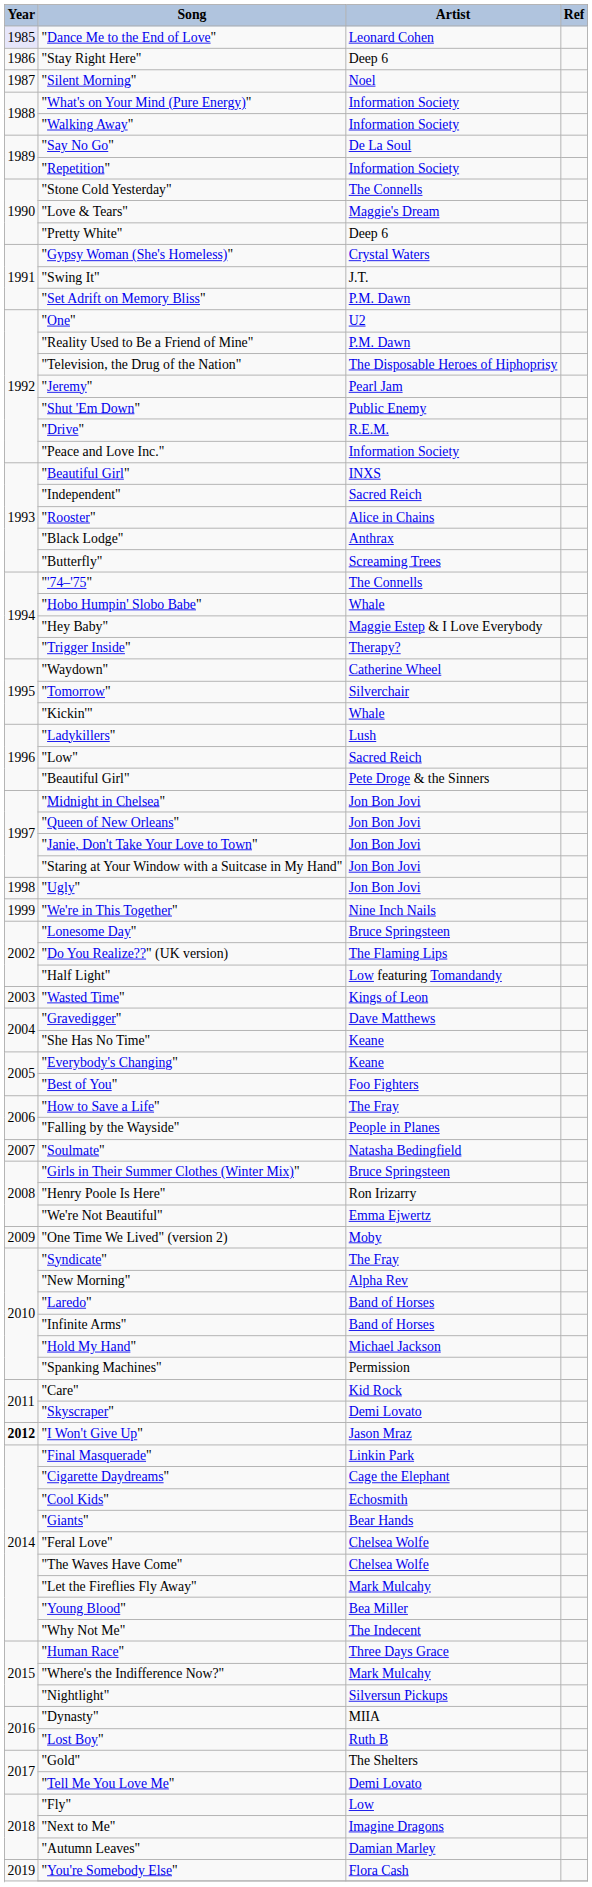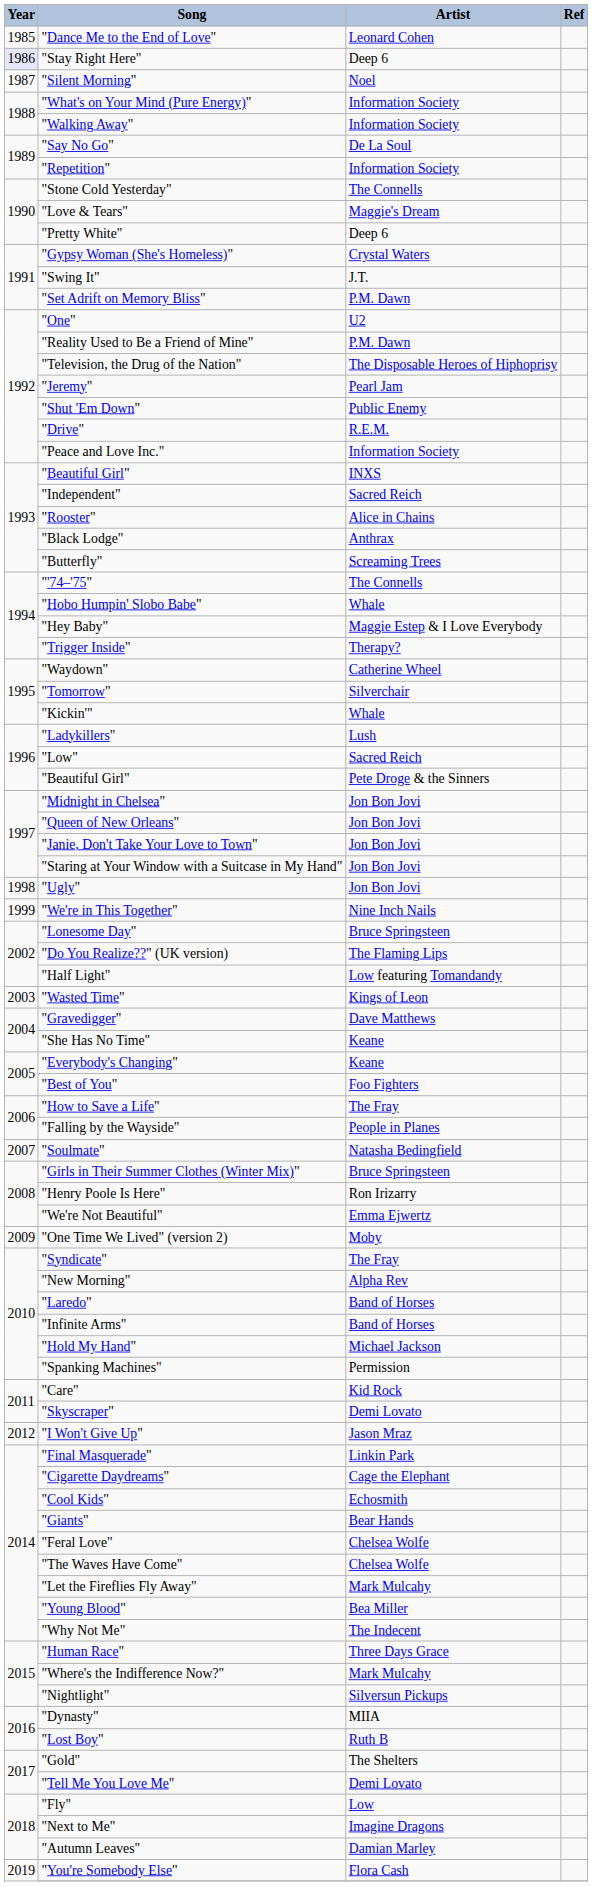 <table class="wikitable">
 <tr>
 <th style="background:#B0C4DE;">Year</th>
 <th style="background:#B0C4DE;">Song</th>
 <th style="background:#B0C4DE;">Artist</th>
 <th style="background:#B0C4DE;">Ref</th>
 </tr>
 <tr>
-<td style="background: lavender;">1985</td>
+<td>1985</td>
 <td>"<a href='#'>Dance Me to the End of Love</a>"</td>
 <td><a href='#'>Leonard Cohen</a></td>
 <td></td>
 </tr>
 <tr>
-<td>1986</td>
+<td style="background: lavender;">1986</td>
 <td>"Stay Right Here"</td>
 <td>Deep 6</td>
 <td></td>
 </tr>
 <tr>
 <td>1987</td>
 <td>"<a href='#'>Silent Morning</a>"</td>
 <td><a href='#'>Noel</a></td>
 <td></td>
 </tr>
 <tr>
 <td rowspan="2">1988</td>
 <td>"<a href='#'>What's on Your Mind (Pure Energy)</a>"</td>
 <td><a href='#'>Information Society</a></td>
 <td></td>
 </tr>
 <tr>
 <td>"<a href='#'>Walking Away</a>"</td>
 <td><a href='#'>Information Society</a></td>
 <td></td>
 </tr>
 <tr>
 <td rowspan="2">1989</td>
 <td>"<a href='#'>Say No Go</a>"</td>
 <td><a href='#'>De La Soul</a></td>
 <td></td>
 </tr>
 <tr>
 <td>"<a href='#'>Repetition</a>"</td>
 <td><a href='#'>Information Society</a></td>
 <td></td>
 </tr>
 <tr>
 <td rowspan="3">1990</td>
 <td>"Stone Cold Yesterday"</td>
 <td><a href='#'>The Connells</a></td>
 <td></td>
 </tr>
 <tr>
 <td>"Love & Tears"</td>
 <td><a href='#'>Maggie's Dream</a></td>
 <td></td>
 </tr>
 <tr>
 <td>"Pretty White"</td>
 <td>Deep 6</td>
 <td></td>
 </tr>
 <tr>
 <td rowspan="3">1991</td>
 <td>"<a href='#'>Gypsy Woman (She's Homeless)</a>"</td>
 <td><a href='#'>Crystal Waters</a></td>
 <td></td>
 </tr>
 <tr>
 <td>"Swing It"</td>
 <td>J.T.</td>
 <td></td>
 </tr>
 <tr>
 <td>"<a href='#'>Set Adrift on Memory Bliss</a>"</td>
 <td><a href='#'>P.M. Dawn</a></td>
 <td></td>
 </tr>
 <tr>
 <td rowspan="7">1992</td>
 <td>"<a href='#'>One</a>"</td>
 <td><a href='#'>U2</a></td>
 <td></td>
 </tr>
 <tr>
 <td>"Reality Used to Be a Friend of Mine"</td>
 <td><a href='#'>P.M. Dawn</a></td>
 <td></td>
 </tr>
 <tr>
 <td>"Television, the Drug of the Nation"</td>
 <td><a href='#'>The Disposable Heroes of Hiphoprisy</a></td>
 <td></td>
 </tr>
 <tr>
 <td>"<a href='#'>Jeremy</a>"</td>
 <td><a href='#'>Pearl Jam</a></td>
 <td></td>
 </tr>
 <tr>
 <td>"<a href='#'>Shut 'Em Down</a>"</td>
 <td><a href='#'>Public Enemy</a></td>
 <td></td>
 </tr>
 <tr>
 <td>"<a href='#'>Drive</a>"</td>
 <td><a href='#'>R.E.M.</a></td>
 <td></td>
 </tr>
 <tr>
 <td>"Peace and Love Inc."</td>
 <td><a href='#'>Information Society</a></td>
 <td></td>
 </tr>
 <tr>
 <td rowspan="5">1993</td>
 <td>"<a href='#'>Beautiful Girl</a>"</td>
 <td><a href='#'>INXS</a></td>
 <td></td>
 </tr>
 <tr>
 <td>"Independent"</td>
 <td><a href='#'>Sacred Reich</a></td>
 <td></td>
 </tr>
 <tr>
 <td>"<a href='#'>Rooster</a>"</td>
 <td><a href='#'>Alice in Chains</a></td>
 <td></td>
 </tr>
 <tr>
 <td>"Black Lodge"</td>
 <td><a href='#'>Anthrax</a></td>
 <td></td>
 </tr>
 <tr>
 <td>"Butterfly"</td>
 <td><a href='#'>Screaming Trees</a></td>
 <td></td>
 </tr>
 <tr>
 <td rowspan="4">1994</td>
 <td>"<a href='#'>'74–'75</a>"</td>
 <td><a href='#'>The Connells</a></td>
 <td></td>
 </tr>
 <tr>
 <td>"<a href='#'>Hobo Humpin' Slobo Babe</a>"</td>
 <td><a href='#'>Whale</a></td>
 <td></td>
 </tr>
 <tr>
 <td>"Hey Baby"</td>
 <td><a href='#'>Maggie Estep</a> & I Love Everybody</td>
 <td></td>
 </tr>
 <tr>
 <td>"<a href='#'>Trigger Inside</a>"</td>
 <td><a href='#'>Therapy?</a></td>
 <td></td>
 </tr>
 <tr>
 <td rowspan="3">1995</td>
 <td>"Waydown"</td>
 <td><a href='#'>Catherine Wheel</a></td>
 <td></td>
 </tr>
 <tr>
 <td>"<a href='#'>Tomorrow</a>"</td>
 <td><a href='#'>Silverchair</a></td>
 <td></td>
 </tr>
 <tr>
 <td>"Kickin'"</td>
 <td><a href='#'>Whale</a></td>
 <td></td>
 </tr>
 <tr>
 <td rowspan="3">1996</td>
 <td>"<a href='#'>Ladykillers</a>"</td>
 <td><a href='#'>Lush</a></td>
 <td></td>
 </tr>
 <tr>
 <td>"Low"</td>
 <td><a href='#'>Sacred Reich</a></td>
 <td></td>
 </tr>
 <tr>
 <td>"Beautiful Girl"</td>
 <td><a href='#'>Pete Droge</a> & the Sinners</td>
 <td></td>
 </tr>
 <tr>
 <td rowspan="4">1997</td>
 <td>"<a href='#'>Midnight in Chelsea</a>"</td>
 <td><a href='#'>Jon Bon Jovi</a></td>
 <td></td>
 </tr>
 <tr>
 <td>"<a href='#'>Queen of New Orleans</a>"</td>
 <td><a href='#'>Jon Bon Jovi</a></td>
 <td></td>
 </tr>
 <tr>
 <td>"<a href='#'>Janie, Don't Take Your Love to Town</a>"</td>
 <td><a href='#'>Jon Bon Jovi</a></td>
 <td></td>
 </tr>
 <tr>
 <td>"Staring at Your Window with a Suitcase in My Hand"</td>
 <td><a href='#'>Jon Bon Jovi</a></td>
 <td></td>
 </tr>
 <tr>
 <td rowspan="1">1998</td>
 <td>"<a href='#'>Ugly</a>"</td>
 <td><a href='#'>Jon Bon Jovi</a></td>
 <td></td>
 </tr>
 <tr>
 <td rowspan="1">1999</td>
 <td>"<a href='#'>We're in This Together</a>"</td>
 <td><a href='#'>Nine Inch Nails</a></td>
 <td></td>
 </tr>
 <tr>
 <td rowspan="3">2002</td>
 <td>"<a href='#'>Lonesome Day</a>"</td>
 <td><a href='#'>Bruce Springsteen</a></td>
 <td></td>
 </tr>
 <tr>
 <td>"<a href='#'>Do You Realize??</a>" (UK version)</td>
 <td><a href='#'>The Flaming Lips</a></td>
 <td></td>
 </tr>
 <tr>
 <td>"Half Light"</td>
 <td><a href='#'>Low</a> featuring <a href='#'>Tomandandy</a></td>
 <td></td>
 </tr>
 <tr>
 <td rowspan="1">2003</td>
 <td>"<a href='#'>Wasted Time</a>"</td>
 <td><a href='#'>Kings of Leon</a></td>
 <td></td>
 </tr>
 <tr>
 <td rowspan="2">2004</td>
 <td>"<a href='#'>Gravedigger</a>"</td>
 <td><a href='#'>Dave Matthews</a></td>
 <td></td>
 </tr>
 <tr>
 <td>"She Has No Time"</td>
 <td><a href='#'>Keane</a></td>
 <td></td>
 </tr>
 <tr>
 <td rowspan="2">2005</td>
 <td>"<a href='#'>Everybody's Changing</a>"</td>
 <td><a href='#'>Keane</a></td>
 <td></td>
 </tr>
 <tr>
 <td>"<a href='#'>Best of You</a>"</td>
 <td><a href='#'>Foo Fighters</a></td>
 <td></td>
 </tr>
 <tr>
 <td rowspan="2">2006</td>
 <td>"<a href='#'>How to Save a Life</a>"</td>
 <td><a href='#'>The Fray</a></td>
 <td></td>
 </tr>
 <tr>
 <td>"Falling by the Wayside"</td>
 <td><a href='#'>People in Planes</a></td>
 <td></td>
 </tr>
 <tr>
 <td rowspan="1">2007</td>
 <td>"<a href='#'>Soulmate</a>"</td>
 <td><a href='#'>Natasha Bedingfield</a></td>
 <td></td>
 </tr>
 <tr>
 <td rowspan="3">2008</td>
 <td>"<a href='#'>Girls in Their Summer Clothes (Winter Mix)</a>"</td>
 <td><a href='#'>Bruce Springsteen</a></td>
 <td></td>
 </tr>
 <tr>
 <td>"Henry Poole Is Here"</td>
 <td>Ron Irizarry</td>
 <td></td>
 </tr>
 <tr>
 <td>"We're Not Beautiful"</td>
 <td><a href='#'>Emma Ejwertz</a></td>
 <td></td>
 </tr>
 <tr>
 <td rowspan="1">2009</td>
 <td>"One Time We Lived" (version 2)</td>
 <td><a href='#'>Moby</a></td>
 <td></td>
 </tr>
 <tr>
 <td rowspan="6">2010</td>
 <td>"<a href='#'>Syndicate</a>"</td>
 <td><a href='#'>The Fray</a></td>
 <td></td>
 </tr>
 <tr>
 <td>"New Morning"</td>
 <td><a href='#'>Alpha Rev</a></td>
 <td></td>
 </tr>
 <tr>
 <td>"<a href='#'>Laredo</a>"</td>
 <td><a href='#'>Band of Horses</a></td>
 <td></td>
 </tr>
 <tr>
 <td>"Infinite Arms"</td>
 <td><a href='#'>Band of Horses</a></td>
 <td></td>
 </tr>
 <tr>
 <td>"<a href='#'>Hold My Hand</a>"</td>
 <td><a href='#'>Michael Jackson</a></td>
 <td></td>
 </tr>
 <tr Permission>
 <td>"Spanking Machines"</td>
 <td>Permission</td>
 <td></td>
 </tr>
 <tr>
 <td rowspan="2">2011</td>
 <td>"Care"</td>
 <td><a href='#'>Kid Rock</a></td>
 <td></td>
 </tr>
 <tr>
 <td>"<a href='#'>Skyscraper</a>"</td>
 <td><a href='#'>Demi Lovato</a></td>
 <td></td>
 </tr>
 <tr>
-<td rowspan="1"><strong>2012</strong></td>
+<td rowspan="1">2012</td>
 <td>"<a href='#'>I Won't Give Up</a>"</td>
 <td><a href='#'>Jason Mraz</a></td>
 <td></td>
 </tr>
 <tr>
 <td rowspan="9">2014</td>
 <td>"<a href='#'>Final Masquerade</a>"</td>
 <td><a href='#'>Linkin Park</a></td>
 <td></td>
 </tr>
 <tr>
 <td>"<a href='#'>Cigarette Daydreams</a>"</td>
 <td><a href='#'>Cage the Elephant</a></td>
 <td></td>
 </tr>
 <tr>
 <td>"<a href='#'>Cool Kids</a>"</td>
 <td><a href='#'>Echosmith</a></td>
 <td></td>
 </tr>
 <tr>
 <td>"<a href='#'>Giants</a>"</td>
 <td><a href='#'>Bear Hands</a></td>
 <td></td>
 </tr>
 <tr>
 <td>"Feral Love"</td>
 <td><a href='#'>Chelsea Wolfe</a></td>
 <td></td>
 </tr>
 <tr>
 <td>"The Waves Have Come"</td>
 <td><a href='#'>Chelsea Wolfe</a></td>
 <td></td>
 </tr>
 <tr>
 <td>"Let the Fireflies Fly Away"</td>
 <td><a href='#'>Mark Mulcahy</a></td>
 <td></td>
 </tr>
 <tr>
 <td>"<a href='#'>Young Blood</a>"</td>
 <td><a href='#'>Bea Miller</a></td>
 <td></td>
 </tr>
 <tr>
 <td>"Why Not Me"</td>
 <td><a href='#'>The Indecent</a></td>
 <td></td>
 </tr>
 <tr>
 <td rowspan="3">2015</td>
 <td>"<a href='#'>Human Race</a>"</td>
 <td><a href='#'>Three Days Grace</a></td>
 <td></td>
 </tr>
 <tr>
 <td>"Where's the Indifference Now?"</td>
 <td><a href='#'>Mark Mulcahy</a></td>
 <td></td>
 </tr>
 <tr>
 <td>"Nightlight"</td>
 <td><a href='#'>Silversun Pickups</a></td>
 <td></td>
 </tr>
 <tr>
 <td rowspan="2">2016</td>
 <td>"Dynasty"</td>
 <td>MIIA</td>
 <td></td>
 </tr>
 <tr>
 <td>"<a href='#'>Lost Boy</a>"</td>
 <td><a href='#'>Ruth B</a></td>
 <td></td>
 </tr>
 <tr>
 <td rowspan="2">2017</td>
 <td>"Gold"</td>
 <td>The Shelters</td>
 <td></td>
 </tr>
 <tr>
 <td>"<a href='#'>Tell Me You Love Me</a>"</td>
 <td><a href='#'>Demi Lovato</a></td>
 <td></td>
 </tr>
 <tr>
 <td rowspan="3">2018</td>
 <td>"Fly"</td>
 <td><a href='#'>Low</a></td>
 <td></td>
 </tr>
 <tr>
 <td>"Next to Me"</td>
 <td><a href='#'>Imagine Dragons</a></td>
 <td></td>
 </tr>
 <tr>
 <td>"Autumn Leaves"</td>
 <td><a href='#'>Damian Marley</a></td>
 <td></td>
 </tr>
 <tr>
 <td rowspan="3">2019</td>
 <td>"<a href='#'>You're Somebody Else</a>"</td>
 <td><a href='#'>Flora Cash</a></td>
 <td></td>
 </tr>
 <tr>
 </tr>
 </table>
